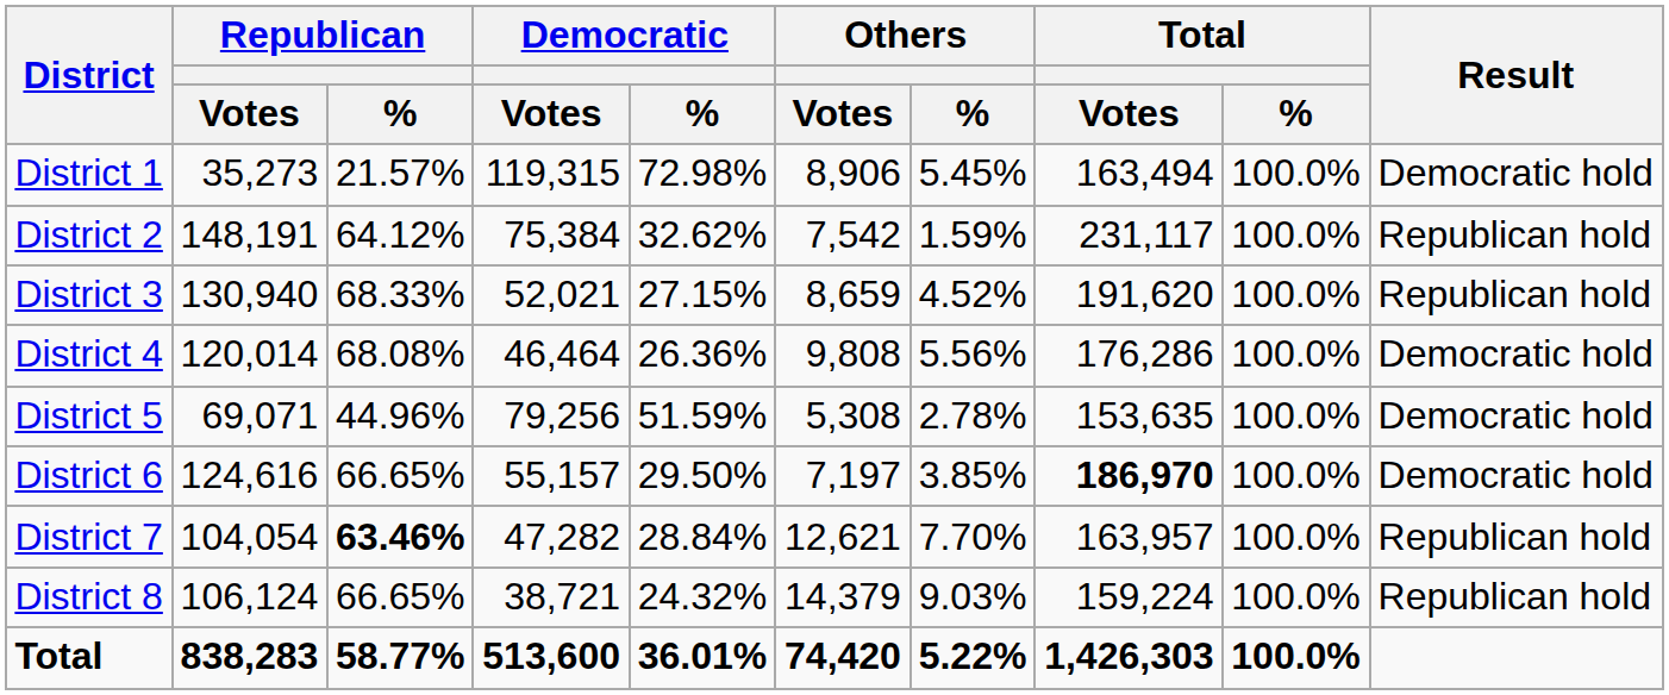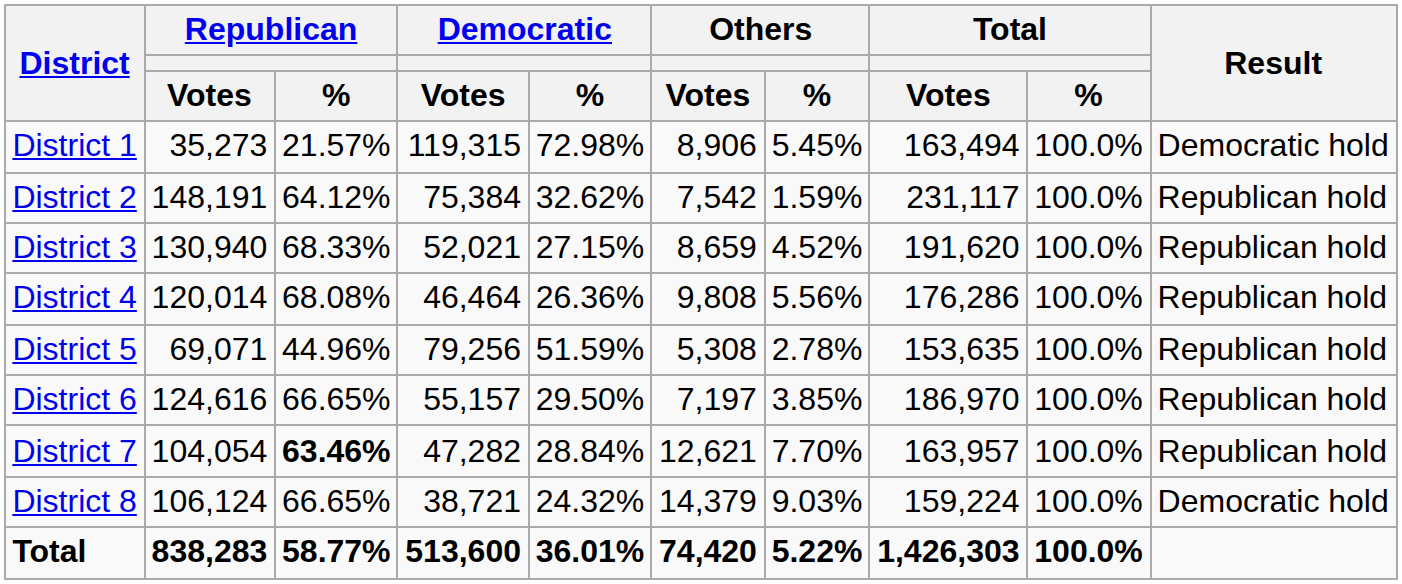 <table class="wikitable plainrowheaders sortable" style="font-size:100%; text-align:right;">
 <tr>
 <th scope=col rowspan=3><a href='#'>District</a></th>
 <th scope=col colspan=2><a href='#'>Republican</a></th>
 <th scope=col colspan=2><a href='#'>Democratic</a></th>
 <th scope=col colspan=2>Others</th>
 <th scope=col colspan=2>Total</th>
 <th scope=col rowspan=3>Result</th>
 </tr>
 <tr>
 <th scope=col colspan=2 style="background:"></th>
 <th scope=col colspan=2 style="background:"></th>
 <th scope=col colspan=2></th>
 <th scope=col colspan=2></th>
 </tr>
 <tr>
 <th scope=col data-sort-type="number">Votes</th>
 <th scope=col data-sort-type="number">%</th>
 <th scope=col data-sort-type="number">Votes</th>
 <th scope=col data-sort-type="number">%</th>
 <th scope=col data-sort-type="number">Votes</th>
 <th scope=col data-sort-type="number">%</th>
 <th scope=col data-sort-type="number">Votes</th>
 <th scope=col data-sort-type="number">%</th>
 </tr>
 <tr>
 <td align=left><a href='#'>District 1</a></td>
 <td>35,273</td>
 <td>21.57%</td>
 <td>119,315</td>
 <td>72.98%</td>
 <td>8,906</td>
 <td>5.45%</td>
 <td>163,494</td>
 <td>100.0%</td>
 <td align=left>Democratic hold</td>
 </tr>
 <tr>
 <td align=left><a href='#'>District 2</a></td>
 <td>148,191</td>
 <td>64.12%</td>
 <td>75,384</td>
 <td>32.62%</td>
 <td>7,542</td>
 <td>1.59%</td>
 <td>231,117</td>
 <td>100.0%</td>
 <td align=left>Republican hold</td>
 </tr>
 <tr>
 <td align=left><a href='#'>District 3</a></td>
 <td>130,940</td>
 <td>68.33%</td>
 <td>52,021</td>
 <td>27.15%</td>
 <td>8,659</td>
 <td>4.52%</td>
 <td>191,620</td>
 <td>100.0%</td>
 <td align=left>Republican hold</td>
 </tr>
 <tr>
 <td align=left><a href='#'>District 4</a></td>
 <td>120,014</td>
 <td>68.08%</td>
 <td>46,464</td>
 <td>26.36%</td>
 <td>9,808</td>
 <td>5.56%</td>
 <td>176,286</td>
 <td>100.0%</td>
-<td align=left>Democratic hold</td>
+<td align=left>Republican hold</td>
 </tr>
 <tr>
 <td align=left><a href='#'>District 5</a></td>
 <td>69,071</td>
 <td>44.96%</td>
 <td>79,256</td>
 <td>51.59%</td>
 <td>5,308</td>
 <td>2.78%</td>
 <td>153,635</td>
 <td>100.0%</td>
-<td align=left>Democratic hold</td>
+<td align=left>Republican hold</td>
 </tr>
 <tr>
 <td align=left><a href='#'>District 6</a></td>
 <td>124,616</td>
 <td>66.65%</td>
 <td>55,157</td>
 <td>29.50%</td>
 <td>7,197</td>
 <td>3.85%</td>
-<td><strong>186,970</strong></td>
+<td>186,970</td>
 <td>100.0%</td>
-<td align=left>Democratic hold</td>
+<td align=left>Republican hold</td>
 </tr>
 <tr>
 <td align=left><a href='#'>District 7</a></td>
 <td>104,054</td>
 <td><strong>63.46%</strong></td>
 <td>47,282</td>
 <td>28.84%</td>
 <td>12,621</td>
 <td>7.70%</td>
 <td>163,957</td>
 <td>100.0%</td>
 <td align=left>Republican hold</td>
 </tr>
 <tr>
 <td align=left><a href='#'>District 8</a></td>
 <td>106,124</td>
 <td>66.65%</td>
 <td>38,721</td>
 <td>24.32%</td>
 <td>14,379</td>
 <td>9.03%</td>
 <td>159,224</td>
 <td>100.0%</td>
-<td align=left>Republican hold</td>
+<td align=left>Democratic hold</td>
 </tr>
 <tr class="sortbottom" style="font-weight:bold">
 <td align=left>Total</td>
 <td>838,283</td>
 <td>58.77%</td>
 <td>513,600</td>
 <td>36.01%</td>
 <td>74,420</td>
 <td>5.22%</td>
 <td>1,426,303</td>
 <td>100.0%</td>
 <td></td>
 </tr>
 </table>
